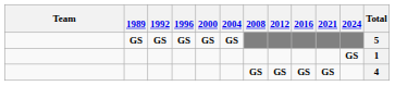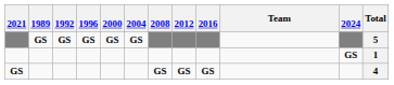 <table class="wikitable" style="text-align:center; font-size:90%">
 <tr>
-<th width=170>Team</th>
+<th><br><a href='#'>2021</a></th>
 <th><br><a href='#'>1989</a></th>
 <th><br><a href='#'>1992</a></th>
 <th><br><a href='#'>1996</a></th>
 <th><br><a href='#'>2000</a></th>
 <th><br><a href='#'>2004</a></th>
 <th><br><a href='#'>2008</a></th>
 <th><br><a href='#'>2012</a></th>
 <th><br><a href='#'>2016</a></th>
-<th><br><a href='#'>2021</a></th>
+<th width=170>Team</th>
 <th><br><a href='#'>2024</a></th>
 <th>Total</th>
 </tr>
 <tr>
-<td align=left></td>
+<td bgcolor=gray></td>
 <td><strong>GS</strong></td>
 <td><strong>GS</strong></td>
 <td><strong>GS</strong></td>
 <td><strong>GS</strong></td>
 <td><strong>GS</strong></td>
 <td bgcolor=gray></td>
 <td bgcolor=gray></td>
 <td bgcolor=gray></td>
-<td bgcolor=gray></td>
+<td align=left></td>
 <td bgcolor=gray></td>
 <th>5</th>
 </tr>
 <tr>
-<td align=left></td>
 <td></td>
 <td></td>
 <td></td>
 <td></td>
 <td></td>
 <td></td>
 <td></td>
 <td></td>
 <td></td>
+<td align=left></td>
 <td><strong>GS</strong></td>
 <th>1</th>
 </tr>
 <tr>
-<td align=left></td>
+<td><strong>GS</strong></td>
 <td></td>
 <td></td>
 <td></td>
 <td></td>
 <td></td>
 <td><strong>GS</strong></td>
 <td><strong>GS</strong></td>
 <td><strong>GS</strong></td>
-<td><strong>GS</strong></td>
+<td align=left></td>
 <td></td>
 <th>4</th>
 </tr>
 </table>
